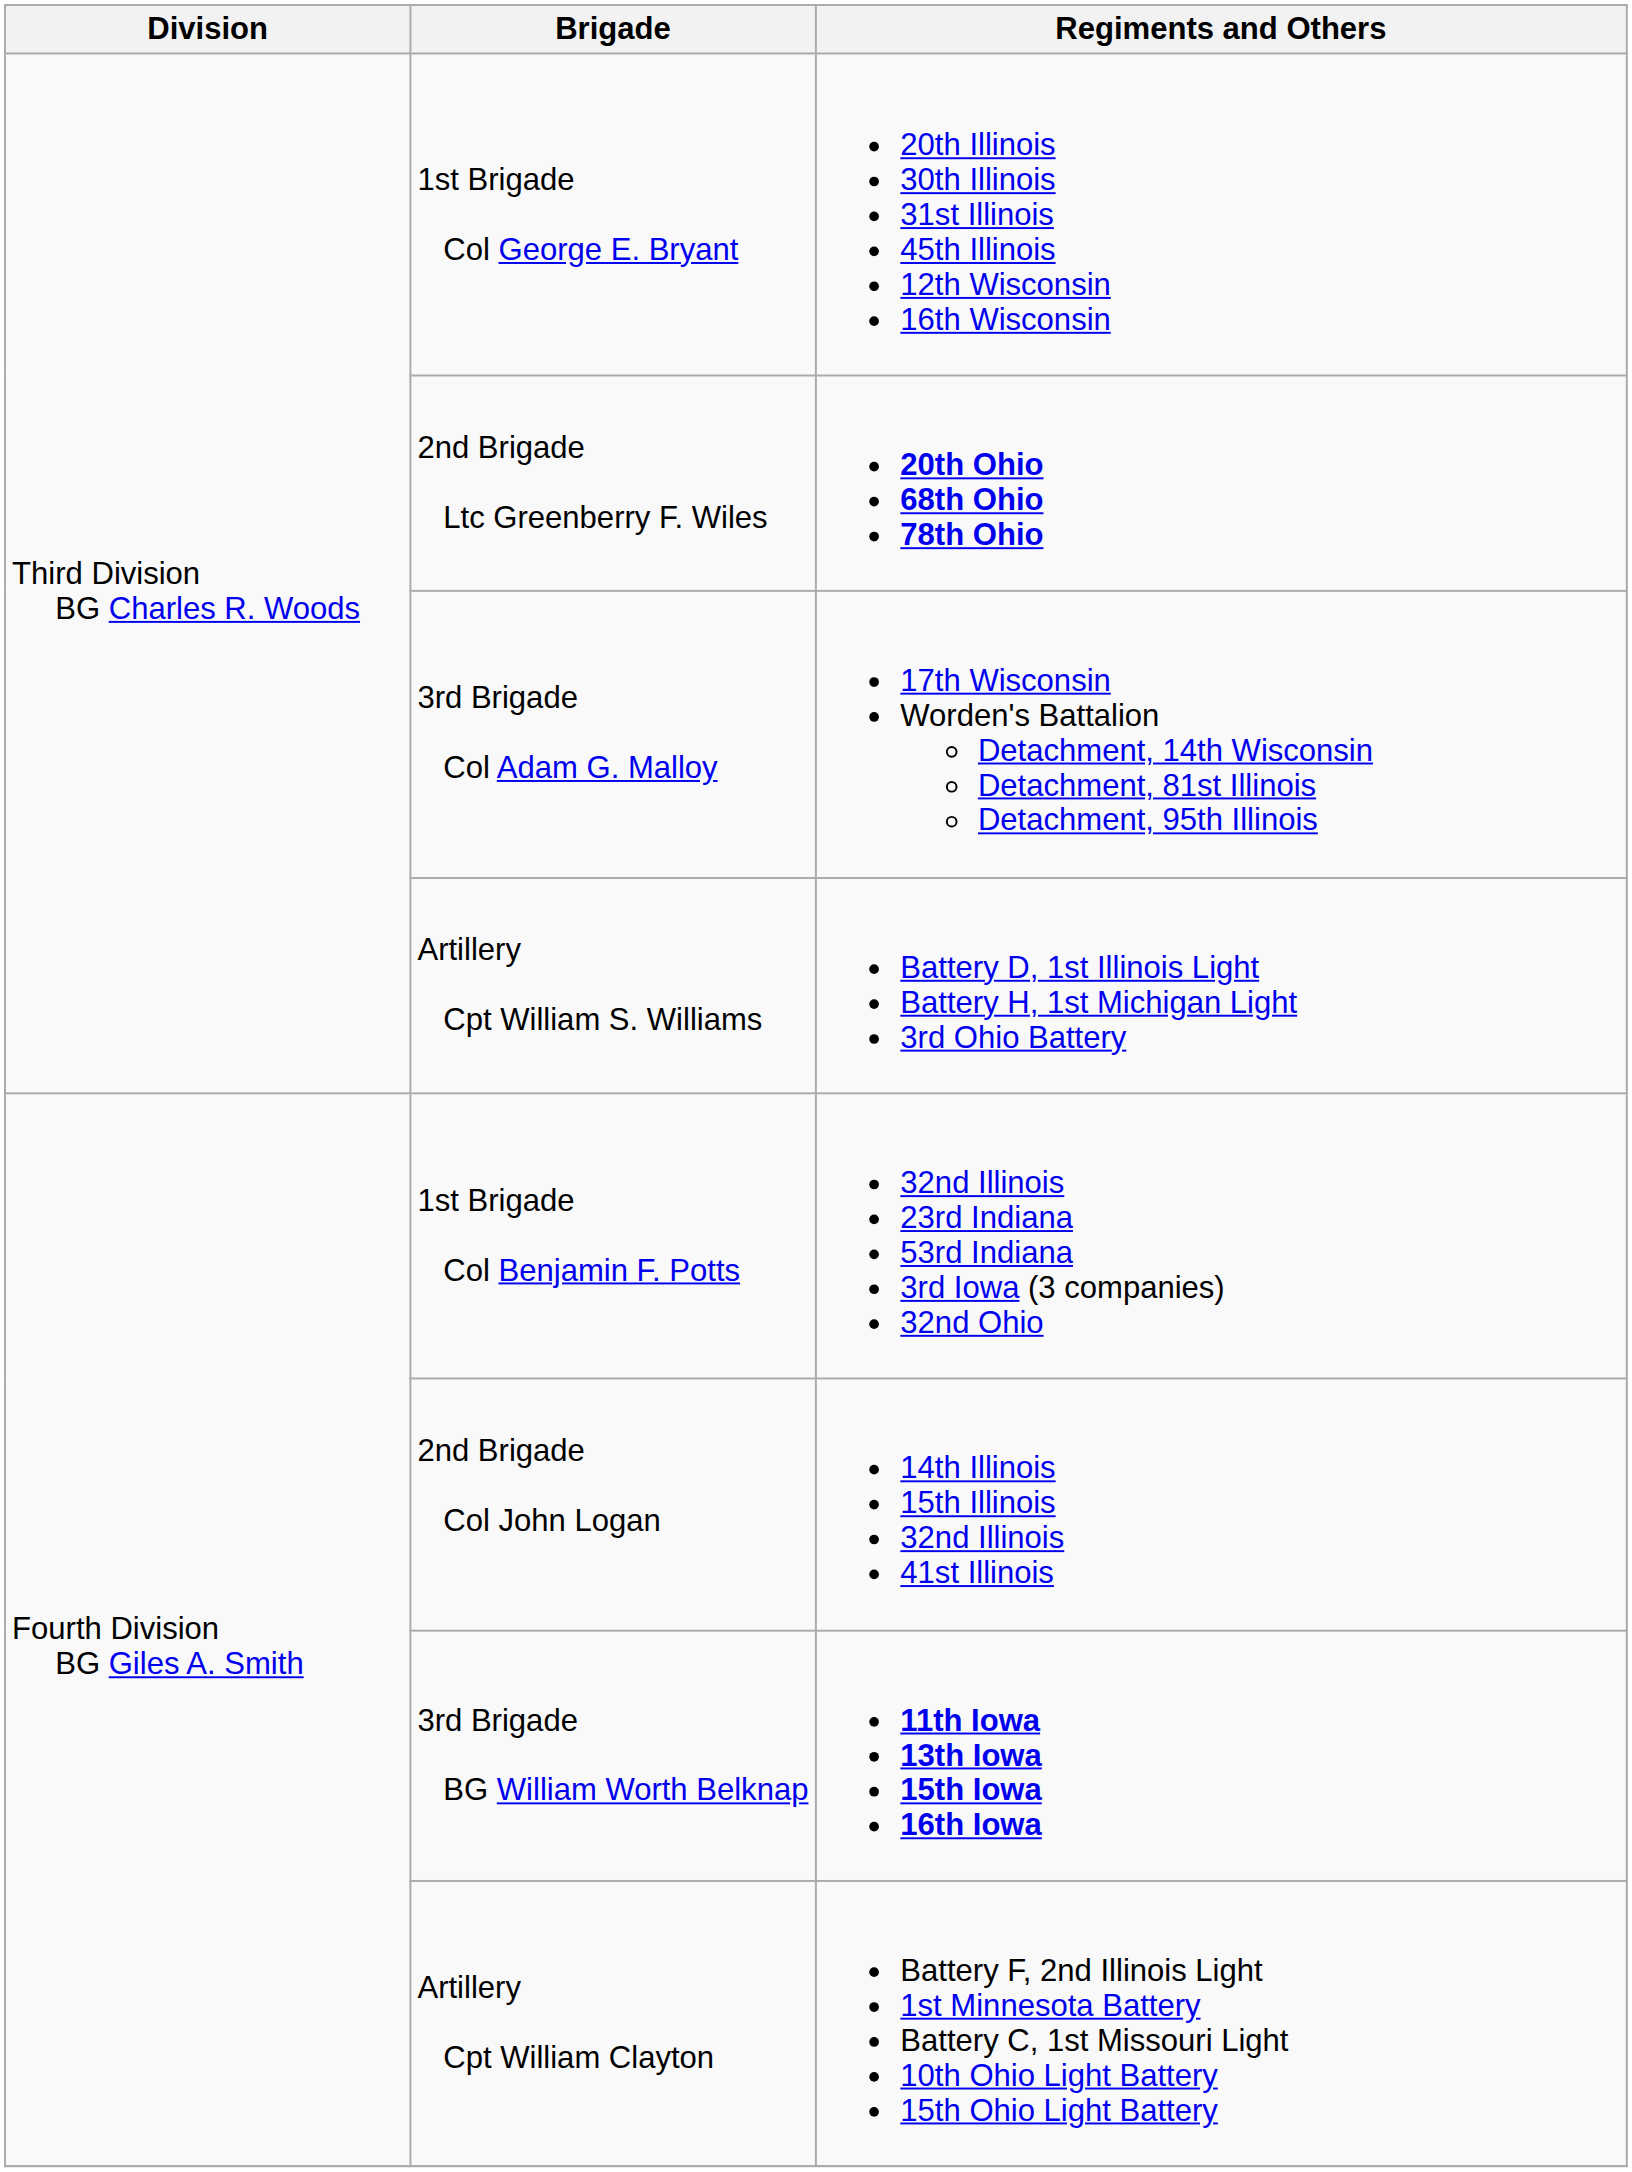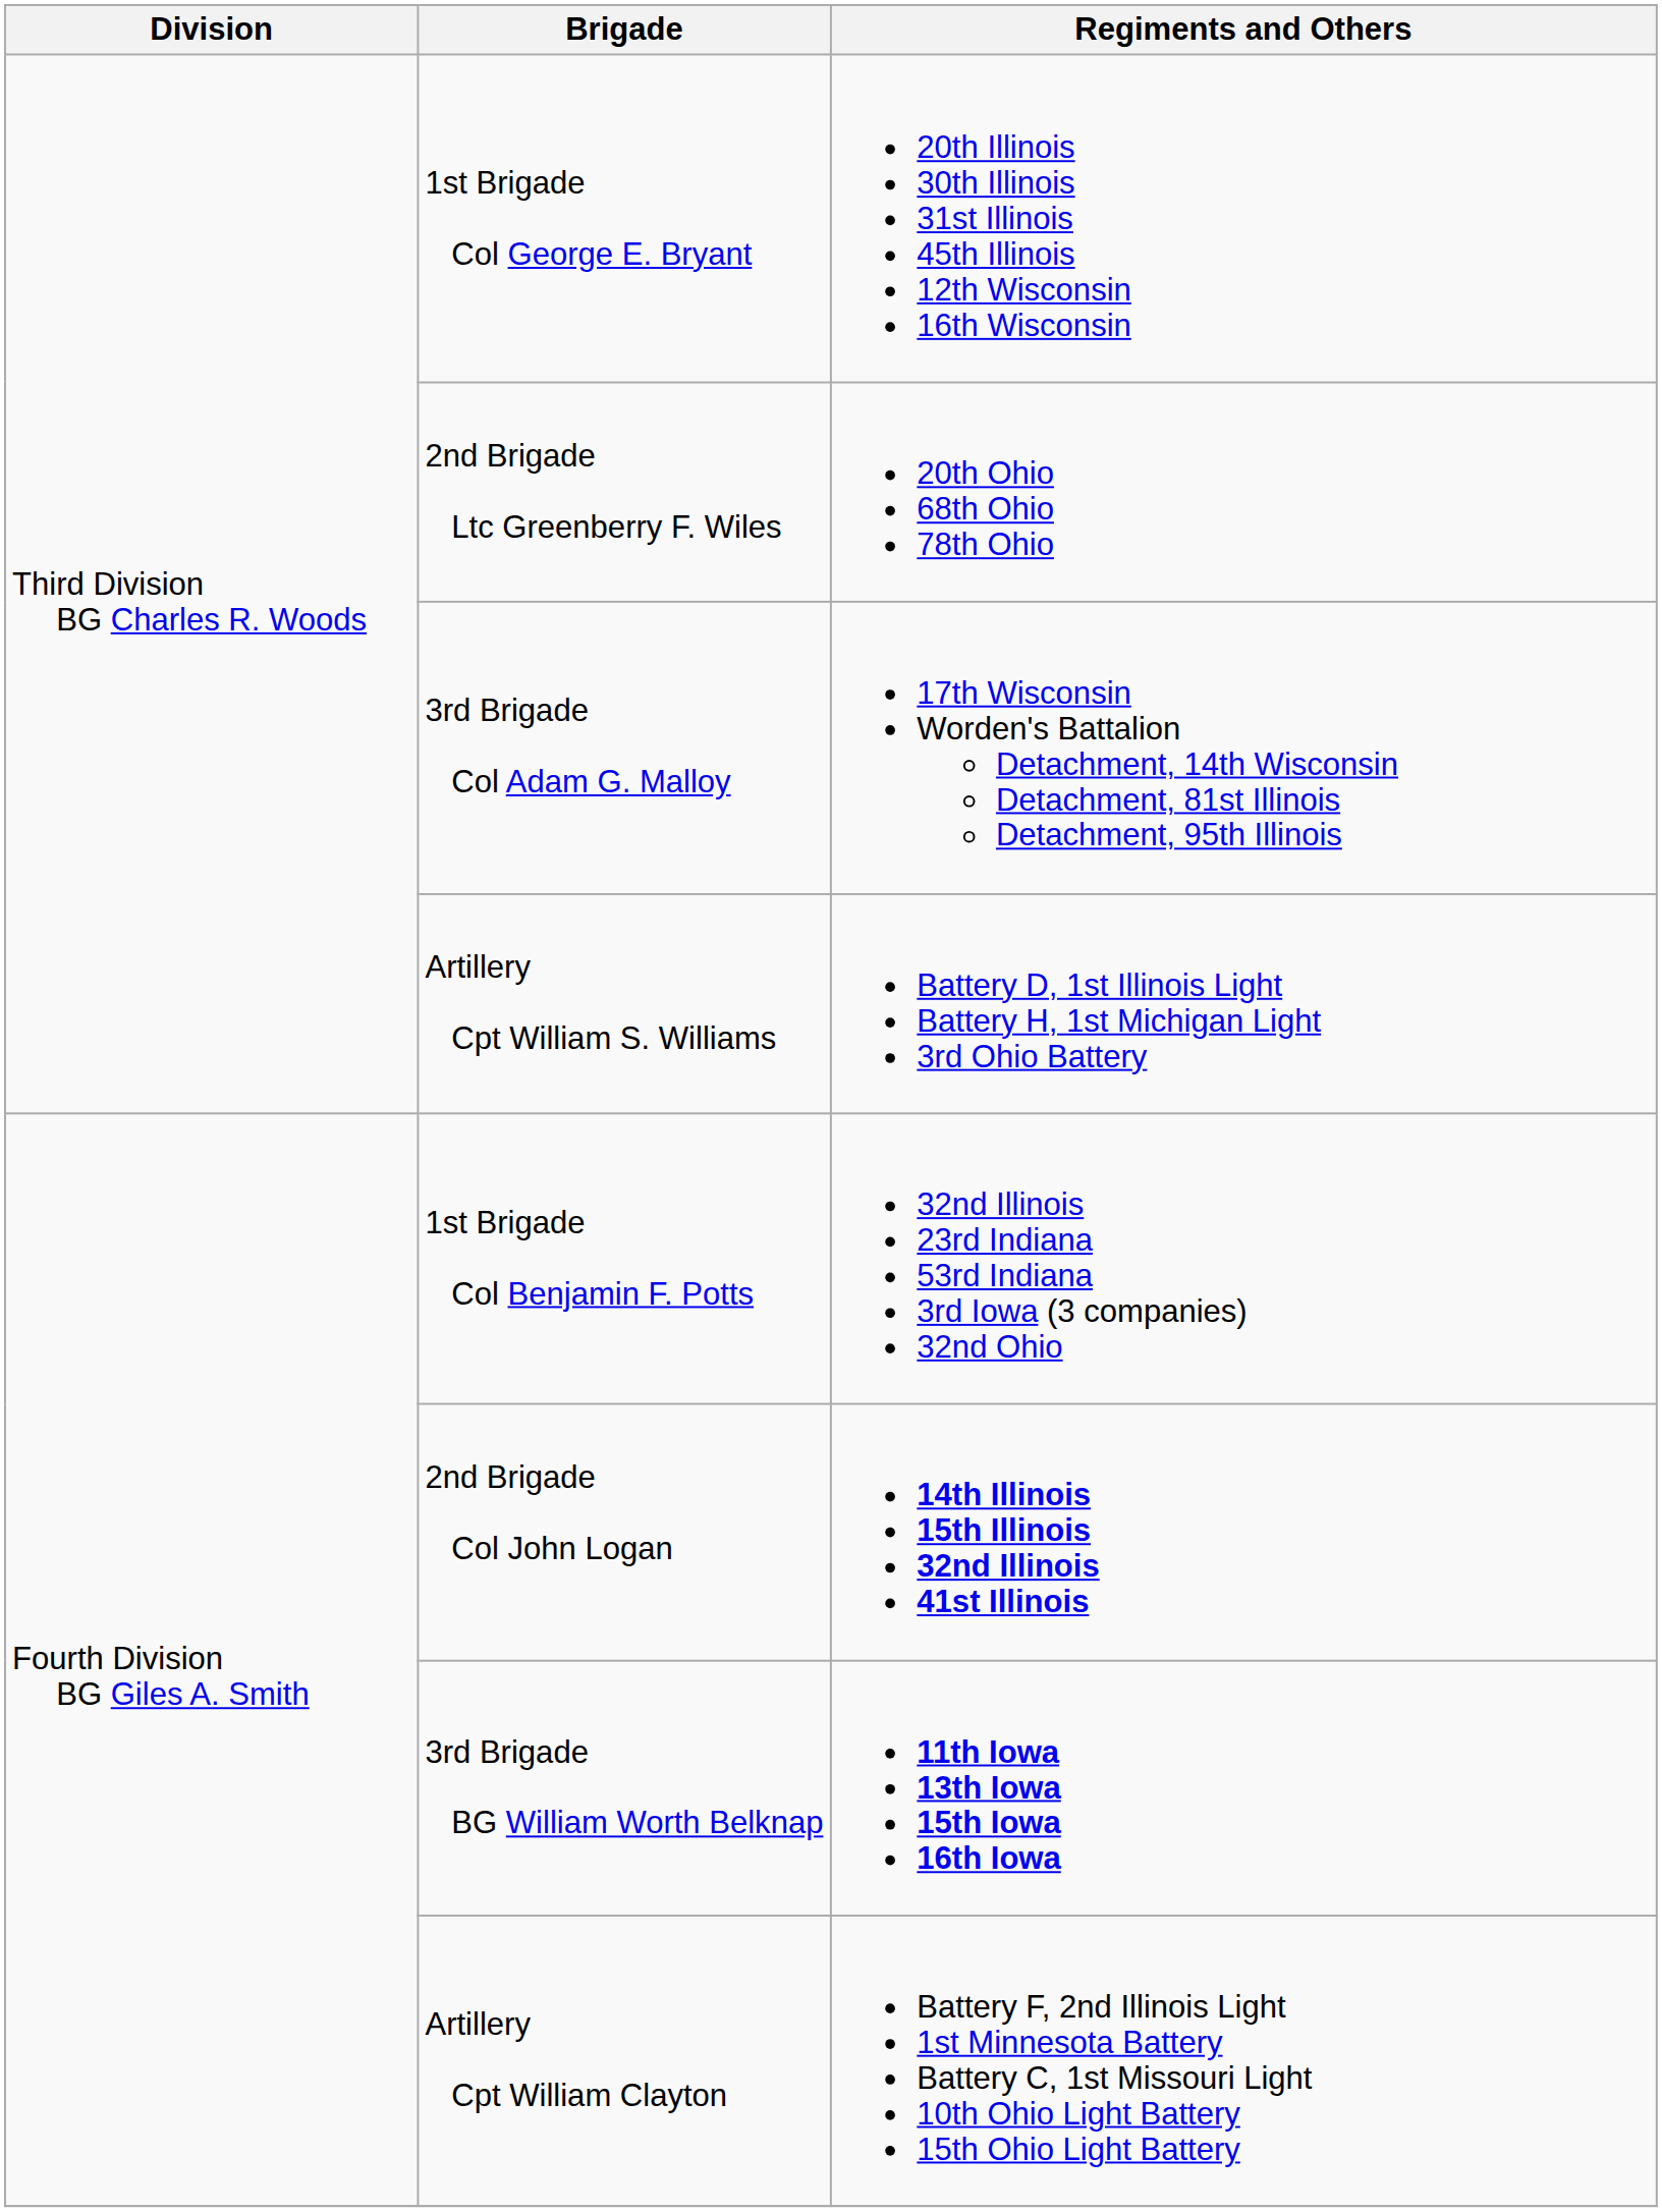 <table class="wikitable">
 <tr>
 <th width=25%>Division</th>
 <th width=25%>Brigade</th>
 <th>Regiments and Others</th>
 </tr>
 <tr>
 <td rowspan=4><br>Third Division <br>     BG <a href='#'>Charles R. Woods</a><br></td>
 <td>1st Brigade<br><br>   Col <a href='#'>George E. Bryant</a></td>
 <td><br><ul><li><a href='#'>20th Illinois</a></li><li><a href='#'>30th Illinois</a></li><li><a href='#'>31st Illinois</a></li><li><a href='#'>45th Illinois</a></li><li><a href='#'>12th Wisconsin</a></li><li><a href='#'>16th Wisconsin</a></li></ul></td>
 </tr>
 <tr>
 <td>2nd Brigade<br><br>   Ltc Greenberry F. Wiles</td>
-<td><strong><br><ul><li><a href='#'>20th Ohio</a></li><li><a href='#'>68th Ohio</a></li><li><a href='#'>78th Ohio</a></li></ul></strong></td>
+<td><br><ul><li><a href='#'>20th Ohio</a></li><li><a href='#'>68th Ohio</a></li><li><a href='#'>78th Ohio</a></li></ul></td>
 </tr>
 <tr>
 <td>3rd Brigade<br><br>   Col <a href='#'>Adam G. Malloy</a></td>
 <td><br><ul><li><a href='#'>17th Wisconsin</a></li><li>Worden's Battalion<ul><li><a href='#'>Detachment, 14th Wisconsin</a></li><li><a href='#'>Detachment, 81st Illinois</a></li><li><a href='#'>Detachment, 95th Illinois</a></li></ul></li></ul></td>
 </tr>
 <tr>
 <td>Artillery<br><br>   Cpt William S. Williams</td>
 <td><br><ul><li><a href='#'>Battery D, 1st Illinois Light</a></li><li><a href='#'>Battery H, 1st Michigan Light</a></li><li><a href='#'>3rd Ohio Battery</a></li></ul></td>
 </tr>
 <tr>
 <td rowspan=4><br>Fourth Division <br>     BG <a href='#'>Giles A. Smith</a><br></td>
 <td>1st Brigade<br><br>   Col <a href='#'>Benjamin F. Potts</a></td>
 <td><br><ul><li><a href='#'>32nd Illinois</a></li><li><a href='#'>23rd Indiana</a></li><li><a href='#'>53rd Indiana</a></li><li><a href='#'>3rd Iowa</a> (3 companies)</li><li><a href='#'>32nd Ohio</a></li></ul></td>
 </tr>
 <tr>
 <td>2nd Brigade<br><br>   Col John Logan<br>   </td>
-<td><br><ul><li><a href='#'>14th Illinois</a></li><li><a href='#'>15th Illinois</a></li><li><a href='#'>32nd Illinois</a></li><li><a href='#'>41st Illinois</a></li></ul></td>
+<td><strong><br><ul><li><a href='#'>14th Illinois</a></li><li><a href='#'>15th Illinois</a></li><li><a href='#'>32nd Illinois</a></li><li><a href='#'>41st Illinois</a></li></ul></strong></td>
 </tr>
 <tr>
 <td>3rd Brigade<br><br>   BG <a href='#'>William Worth Belknap</a></td>
 <td><strong><br><ul><li><a href='#'>11th Iowa</a></li><li><a href='#'>13th Iowa</a></li><li><a href='#'>15th Iowa</a></li><li><a href='#'>16th Iowa</a></li></ul></strong></td>
 </tr>
 <tr>
 <td>Artillery<br><br>   Cpt William Clayton</td>
 <td><br><ul><li>Battery F, 2nd Illinois Light</li><li><a href='#'>1st Minnesota Battery</a></li><li>Battery C, 1st Missouri Light</li><li><a href='#'>10th Ohio Light Battery</a></li><li><a href='#'>15th Ohio Light Battery</a></li></ul></td>
 </tr>
 <tr>
 </tr>
 </table>
